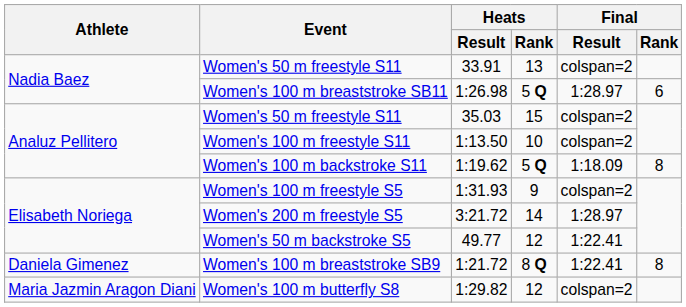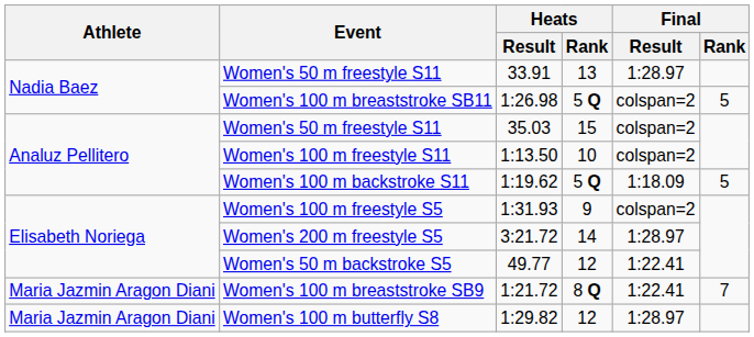 <table class=wikitable style="font-size:90%">
 <tr>
 <th rowspan="2">Athlete</th>
 <th rowspan="2">Event</th>
 <th colspan="2">Heats</th>
 <th colspan="2">Final</th>
 </tr>
 <tr>
 <th>Result</th>
 <th>Rank</th>
 <th>Result</th>
 <th>Rank</th>
 </tr>
 <tr align=center>
 <td align=left rowspan=2><a href='#'>Nadia Baez</a></td>
 <td align=left><a href='#'>Women's 50 m freestyle S11</a></td>
 <td>33.91</td>
 <td>13</td>
-<td>colspan=2 </td>
+<td>1:28.97</td>
 </tr>
 <tr align=center>
 <td align=left><a href='#'>Women's 100 m breaststroke SB11</a></td>
 <td>1:26.98</td>
 <td>5 <strong>Q</strong></td>
-<td>1:28.97</td>
-<td>6</td>
+<td>colspan=2 </td>
+<td>5</td>
 </tr>
 <tr align=center>
 <td align=left rowspan=3><a href='#'>Analuz Pellitero</a></td>
 <td align=left><a href='#'>Women's 50 m freestyle S11</a></td>
 <td>35.03</td>
 <td>15</td>
 <td>colspan=2 </td>
 </tr>
 <tr align=center>
 <td align=left><a href='#'>Women's 100 m freestyle S11</a></td>
 <td>1:13.50</td>
 <td>10</td>
 <td>colspan=2 </td>
 </tr>
 <tr align=center>
 <td align=left><a href='#'>Women's 100 m backstroke S11</a></td>
 <td>1:19.62</td>
 <td>5 <strong>Q</strong></td>
 <td>1:18.09</td>
-<td>8</td>
+<td>5</td>
 </tr>
 <tr align=center>
 <td align=left rowspan=3><a href='#'>Elisabeth Noriega</a></td>
 <td align=left><a href='#'>Women's 100 m freestyle S5</a></td>
 <td>1:31.93</td>
 <td>9</td>
 <td>colspan=2 </td>
 </tr>
 <tr align=center>
 <td align=left><a href='#'>Women's 200 m freestyle S5</a></td>
 <td>3:21.72</td>
 <td>14</td>
 <td>1:28.97</td>
 </tr>
 <tr align=center>
 <td align=left><a href='#'>Women's 50 m backstroke S5</a></td>
 <td>49.77</td>
 <td>12</td>
 <td>1:22.41</td>
 </tr>
 <tr align=center>
-<td align=left><a href='#'>Daniela Gimenez</a></td>
+<td align=left><a href='#'>Maria Jazmin Aragon Diani</a></td>
 <td align=left><a href='#'>Women's 100 m breaststroke SB9</a></td>
 <td>1:21.72</td>
 <td>8 <strong>Q</strong></td>
 <td>1:22.41</td>
-<td>8</td>
+<td>7</td>
 </tr>
 <tr align=center>
 <td align=left><a href='#'>Maria Jazmin Aragon Diani</a></td>
 <td align=left><a href='#'>Women's 100 m butterfly S8</a></td>
 <td>1:29.82</td>
 <td>12</td>
-<td>colspan=2 </td>
+<td>1:28.97</td>
 </tr>
 </table>
